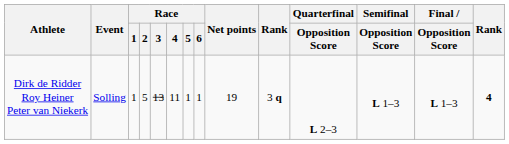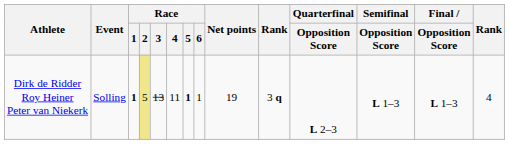 <table class=wikitable style="font-size:90%">
 <tr>
 <th rowspan=2>Athlete</th>
 <th rowspan=2>Event</th>
 <th colspan=6>Race</th>
 <th rowspan=2>Net points</th>
 <th rowspan=2>Rank</th>
 <th>Quarterfinal</th>
 <th>Semifinal</th>
 <th>Final / </th>
 <th rowspan=2>Rank</th>
 </tr>
 <tr>
 <th>1</th>
 <th>2</th>
 <th>3</th>
 <th>4</th>
 <th>5</th>
 <th>6</th>
 <th>Opposition<br>Score</th>
 <th>Opposition<br>Score</th>
 <th>Opposition<br>Score</th>
 </tr>
 <tr align=center>
 <td><a href='#'>Dirk de Ridder</a><br><a href='#'>Roy Heiner</a><br><a href='#'>Peter van Niekerk</a></td>
 <td><a href='#'>Solling</a></td>
-<td>1</td>
-<td>5</td>
+<td><strong>1</strong></td>
+<td style="background: khaki;">5</td>
 <td><s>13</s></td>
 <td>11</td>
-<td>1</td>
+<td><strong>1</strong></td>
 <td>1</td>
 <td>19</td>
 <td>3 <strong>q</strong></td>
 <td><br><br><br><br><br><strong>L</strong> 2–3</td>
 <td> <br> <strong>L</strong> 1–3</td>
 <td> <br> <strong>L</strong> 1–3</td>
-<td><strong>4</strong></td>
+<td>4</td>
 </tr>
 </table>
